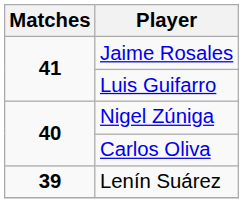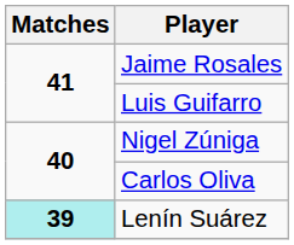 <table class="wikitable">
 <tr>
 <th>Matches</th>
 <th>Player</th>
 </tr>
 <tr>
 <td rowspan="2" align=center><strong>41</strong></td>
 <td> <a href='#'>Jaime Rosales</a></td>
 </tr>
 <tr>
 <td> <a href='#'>Luis Guifarro</a></td>
 </tr>
 <tr>
 <td rowspan="2" align=center><strong>40</strong></td>
 <td> <a href='#'>Nigel Zúniga</a></td>
 </tr>
 <tr>
 <td> <a href='#'>Carlos Oliva</a></td>
 </tr>
 <tr>
-<td rowspan="1" align=center><strong>39</strong></td>
+<td rowspan="1" align=center style="background: paleturquoise;"><strong>39</strong></td>
 <td> Lenín Suárez</td>
 </tr>
 <tr>
 </tr>
 </table>
